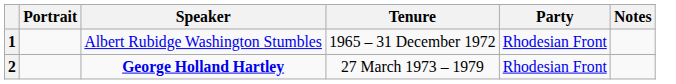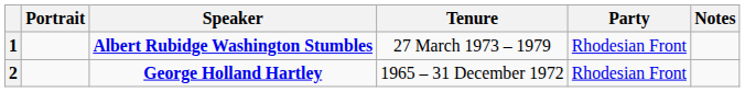 <table class="wikitable" style="text-align: center;">
 <tr>
 <th></th>
 <th>Portrait</th>
 <th>Speaker</th>
 <th>Tenure</th>
 <th>Party</th>
 <th>Notes</th>
 </tr>
 <tr>
 <th style="background:">1</th>
 <td></td>
-<td><a href='#'>Albert Rubidge Washington Stumbles</a></td>
-<td>1965 – 31 December 1972</td>
+<td><strong><a href='#'>Albert Rubidge Washington Stumbles</a></strong></td>
+<td>27 March 1973 – 1979</td>
 <td><a href='#'>Rhodesian Front</a></td>
 <td></td>
 </tr>
 <tr>
 <th style="background:">2</th>
 <td></td>
 <td><strong><a href='#'>George Holland Hartley</a></strong></td>
-<td>27 March 1973 – 1979</td>
+<td>1965 – 31 December 1972</td>
 <td><a href='#'>Rhodesian Front</a></td>
 <td></td>
 </tr>
 </table>
